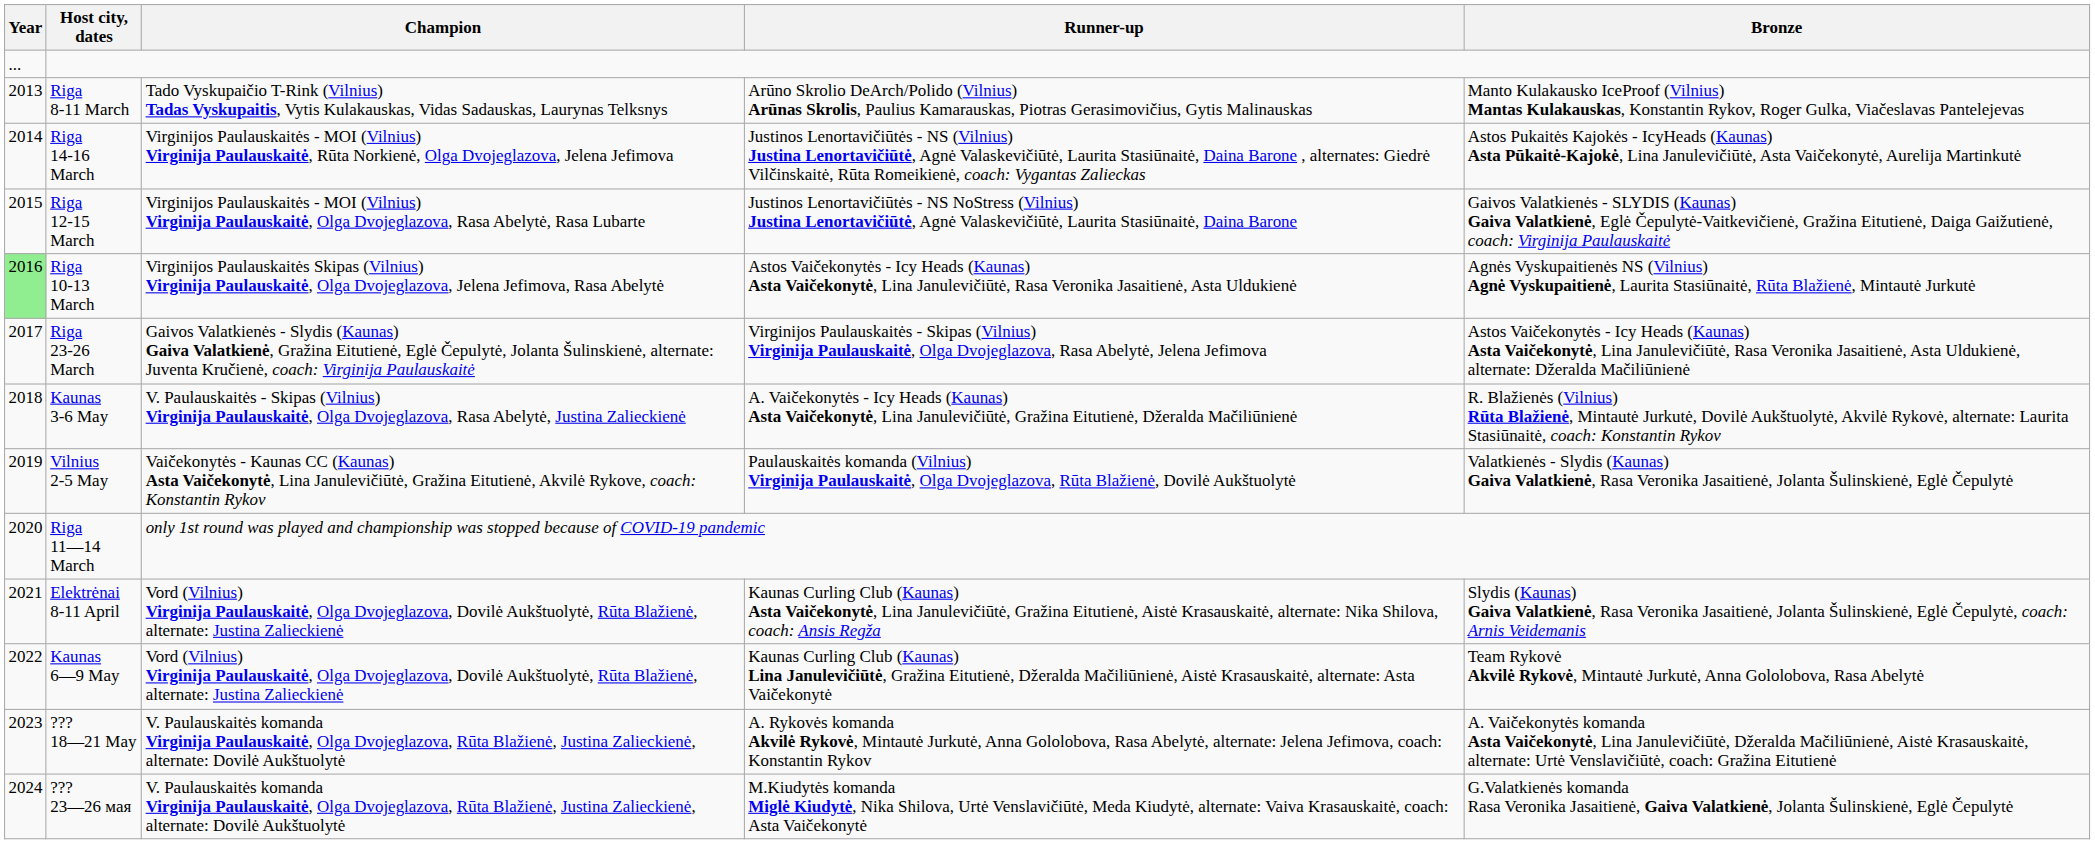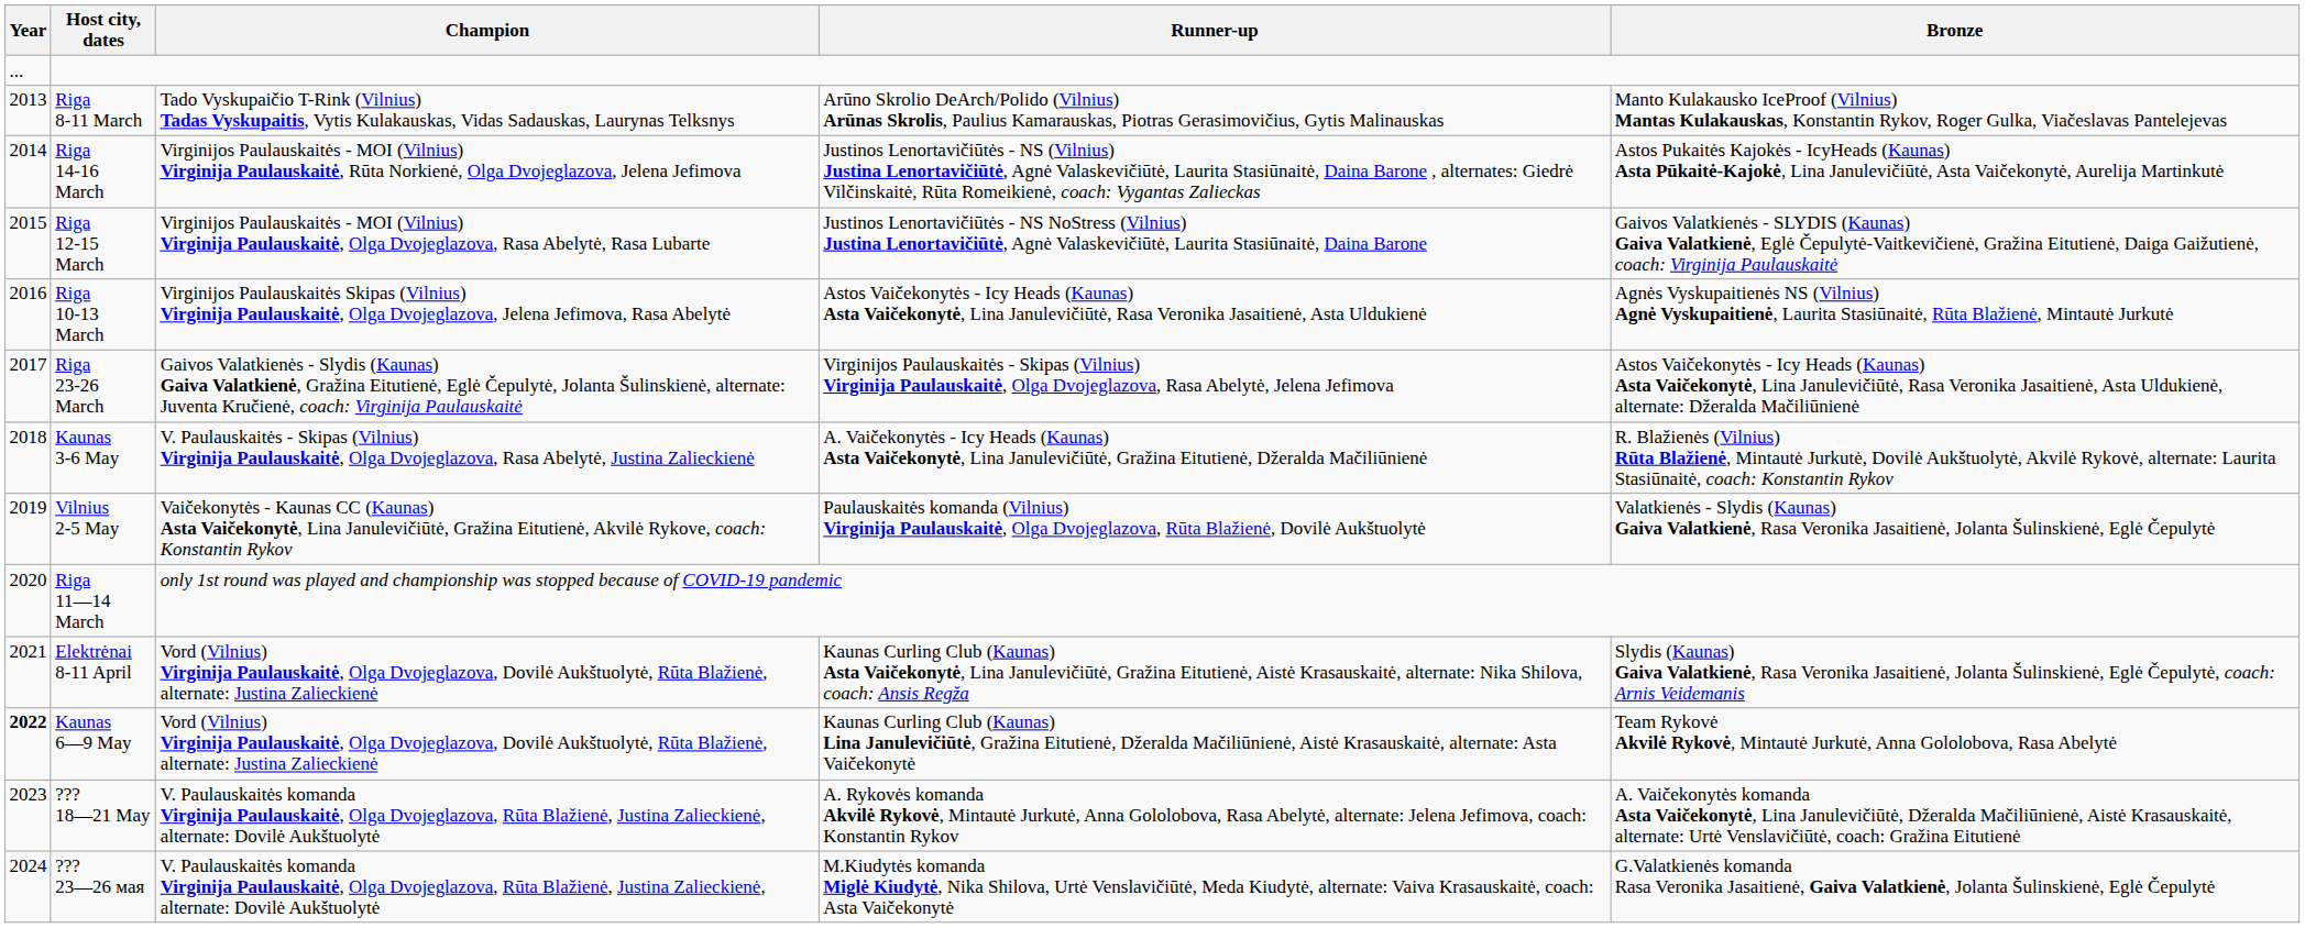 <table class="wikitable">
 <tr>
 <th>Year</th>
 <th>Host city,<br>dates</th>
 <th>Champion</th>
 <th>Runner-up</th>
 <th>Bronze</th>
 </tr>
 <tr valign="top">
 <td>...</td>
 </tr>
 <tr valign="top">
 <td>2013</td>
 <td><a href='#'>Riga</a><br>8-11 March</td>
 <td>Tado Vyskupaičio T-Rink (<a href='#'>Vilnius</a>)<br><strong><a href='#'>Tadas Vyskupaitis</a></strong>, Vytis Kulakauskas, Vidas Sadauskas, Laurynas Telksnys</td>
 <td>Arūno Skrolio DeArch/Polido (<a href='#'>Vilnius</a>)<br><strong>Arūnas Skrolis</strong>, Paulius Kamarauskas, Piotras Gerasimovičius, Gytis Malinauskas</td>
 <td>Manto Kulakausko IceProof (<a href='#'>Vilnius</a>)<br><strong>Mantas Kulakauskas</strong>, Konstantin Rykov, Roger Gulka, Viačeslavas Pantelejevas</td>
 </tr>
 <tr valign="top">
 <td>2014</td>
 <td><a href='#'>Riga</a><br>14-16 March</td>
 <td>Virginijos Paulauskaitės - MOI (<a href='#'>Vilnius</a>)<br><strong><a href='#'>Virginija Paulauskaitė</a></strong>, Rūta Norkienė, <a href='#'>Olga Dvojeglazova</a>, Jelena Jefimova</td>
 <td>Justinos Lenortavičiūtės - NS (<a href='#'>Vilnius</a>)<br><strong><a href='#'>Justina Lenortavičiūtė</a></strong>, Agnė Valaskevičiūtė, Laurita Stasiūnaitė, <a href='#'>Daina Barone</a> , alternates: Giedrė Vilčinskaitė, Rūta Romeikienė, <em>coach: Vygantas Zalieckas</em></td>
 <td>Astos Pukaitės Kajokės - IcyHeads (<a href='#'>Kaunas</a>)<br><strong>Asta Pūkaitė-Kajokė</strong>, Lina Janulevičiūtė, Asta Vaičekonytė, Aurelija Martinkutė</td>
 </tr>
 <tr valign="top">
 <td>2015</td>
 <td><a href='#'>Riga</a><br>12-15 March</td>
 <td>Virginijos Paulauskaitės - MOI (<a href='#'>Vilnius</a>)<br><strong><a href='#'>Virginija Paulauskaitė</a></strong>, <a href='#'>Olga Dvojeglazova</a>, Rasa Abelytė, Rasa Lubarte</td>
 <td>Justinos Lenortavičiūtės - NS NoStress (<a href='#'>Vilnius</a>)<br><strong><a href='#'>Justina Lenortavičiūtė</a></strong>, Agnė Valaskevičiūtė, Laurita Stasiūnaitė, <a href='#'>Daina Barone</a> </td>
 <td>Gaivos Valatkienės - SLYDIS (<a href='#'>Kaunas</a>)<br><strong>Gaiva Valatkienė</strong>, Eglė Čepulytė-Vaitkevičienė, Gražina Eitutienė, Daiga Gaižutienė, <em>coach: <a href='#'>Virginija Paulauskaitė</a></em></td>
 </tr>
 <tr valign="top">
-<td style="background: lightgreen;">2016</td>
+<td>2016</td>
 <td><a href='#'>Riga</a><br>10-13 March</td>
 <td>Virginijos Paulauskaitės Skipas (<a href='#'>Vilnius</a>)<br><strong><a href='#'>Virginija Paulauskaitė</a></strong>, <a href='#'>Olga Dvojeglazova</a>, Jelena Jefimova, Rasa Abelytė</td>
 <td>Astos Vaičekonytės - Icy Heads (<a href='#'>Kaunas</a>)<br><strong>Asta Vaičekonytė</strong>, Lina Janulevičiūtė, Rasa Veronika Jasaitienė, Asta Uldukienė</td>
 <td>Agnės Vyskupaitienės NS (<a href='#'>Vilnius</a>)<br><strong>Agnė Vyskupaitienė</strong>, Laurita Stasiūnaitė, <a href='#'>Rūta Blažienė</a>, Mintautė Jurkutė</td>
 </tr>
 <tr valign="top">
 <td>2017</td>
 <td><a href='#'>Riga</a><br>23-26 March</td>
 <td>Gaivos Valatkienės - Slydis (<a href='#'>Kaunas</a>)<br><strong>Gaiva Valatkienė</strong>, Gražina Eitutienė, Eglė Čepulytė, Jolanta Šulinskienė, alternate: Juventa Kručienė, <em>coach: <a href='#'>Virginija Paulauskaitė</a></em></td>
 <td>Virginijos Paulauskaitės - Skipas (<a href='#'>Vilnius</a>)<br><strong><a href='#'>Virginija Paulauskaitė</a></strong>, <a href='#'>Olga Dvojeglazova</a>, Rasa Abelytė, Jelena Jefimova</td>
 <td>Astos Vaičekonytės - Icy Heads (<a href='#'>Kaunas</a>)<br><strong>Asta Vaičekonytė</strong>, Lina Janulevičiūtė, Rasa Veronika Jasaitienė, Asta Uldukienė, alternate: Džeralda Mačiliūnienė</td>
 </tr>
 <tr valign="top">
 <td>2018</td>
 <td><a href='#'>Kaunas</a><br>3-6 May</td>
 <td>V. Paulauskaitės - Skipas (<a href='#'>Vilnius</a>)<br><strong><a href='#'>Virginija Paulauskaitė</a></strong>, <a href='#'>Olga Dvojeglazova</a>, Rasa Abelytė, <a href='#'>Justina Zalieckienė</a></td>
 <td>A. Vaičekonytės - Icy Heads (<a href='#'>Kaunas</a>)<br><strong>Asta Vaičekonytė</strong>, Lina Janulevičiūtė, Gražina Eitutienė, Džeralda Mačiliūnienė</td>
 <td>R. Blažienės (<a href='#'>Vilnius</a>)<br><strong><a href='#'>Rūta Blažienė</a></strong>, Mintautė Jurkutė, Dovilė Aukštuolytė, Akvilė Rykovė, alternate: Laurita Stasiūnaitė, <em>coach: Konstantin Rykov</em></td>
 </tr>
 <tr valign="top">
 <td>2019</td>
 <td><a href='#'>Vilnius</a><br>2-5 May</td>
 <td>Vaičekonytės - Kaunas CC (<a href='#'>Kaunas</a>)<br><strong>Asta Vaičekonytė</strong>, Lina Janulevičiūtė, Gražina Eitutienė, Akvilė Rykove, <em>coach: Konstantin Rykov</em></td>
 <td>Paulauskaitės komanda (<a href='#'>Vilnius</a>)<br><strong><a href='#'>Virginija Paulauskaitė</a></strong>, <a href='#'>Olga Dvojeglazova</a>, <a href='#'>Rūta Blažienė</a>, Dovilė Aukštuolytė</td>
 <td>Valatkienės - Slydis (<a href='#'>Kaunas</a>)<br><strong>Gaiva Valatkienė</strong>, Rasa Veronika Jasaitienė, Jolanta Šulinskienė, Eglė Čepulytė</td>
 </tr>
 <tr valign="top">
 <td>2020</td>
 <td><a href='#'>Riga</a><br>11—14 March</td>
 <td colspan=3><em>only 1st round was played and championship was stopped because of <a href='#'>COVID-19 pandemic</a></em></td>
 </tr>
 <tr valign="top">
 <td>2021</td>
 <td><a href='#'>Elektrėnai</a><br>8-11 April</td>
 <td>Vord (<a href='#'>Vilnius</a>)<br><strong><a href='#'>Virginija Paulauskaitė</a></strong>, <a href='#'>Olga Dvojeglazova</a>, Dovilė Aukštuolytė, <a href='#'>Rūta Blažienė</a>, alternate: <a href='#'>Justina Zalieckienė</a></td>
 <td>Kaunas Curling Club (<a href='#'>Kaunas</a>)<br><strong>Asta Vaičekonytė</strong>, Lina Janulevičiūtė, Gražina Eitutienė, Aistė Krasauskaitė, alternate: Nika Shilova, <em>coach: <a href='#'>Ansis Regža</a></em></td>
 <td>Slydis (<a href='#'>Kaunas</a>)<br><strong>Gaiva Valatkienė</strong>, Rasa Veronika Jasaitienė, Jolanta Šulinskienė, Eglė Čepulytė, <em>coach: <a href='#'>Arnis Veidemanis</a></em></td>
 </tr>
 <tr valign="top">
-<td>2022</td>
+<td><strong>2022</strong></td>
 <td><a href='#'>Kaunas</a><br>6—9 May</td>
 <td>Vord (<a href='#'>Vilnius</a>)<br><strong><a href='#'>Virginija Paulauskaitė</a></strong>, <a href='#'>Olga Dvojeglazova</a>, Dovilė Aukštuolytė, <a href='#'>Rūta Blažienė</a>, alternate: <a href='#'>Justina Zalieckienė</a></td>
 <td>Kaunas Curling Club (<a href='#'>Kaunas</a>)<br><strong>Lina Janulevičiūtė</strong>, Gražina Eitutienė, Džeralda Mačiliūnienė, Aistė Krasauskaitė, alternate: Asta Vaičekonytė</td>
 <td>Team Rykovė<br><strong>Akvilė Rykovė</strong>, Mintautė Jurkutė, Anna Gololobova, Rasa Abelytė</td>
 </tr>
 <tr valign="top">
 <td>2023</td>
 <td>???<br>18—21 May</td>
 <td>V. Paulauskaitės komanda<br><strong><a href='#'>Virginija Paulauskaitė</a></strong>, <a href='#'>Olga Dvojeglazova</a>, <a href='#'>Rūta Blažienė</a>, <a href='#'>Justina Zalieckienė</a>, alternate: Dovilė Aukštuolytė</td>
 <td>A. Rykovės komanda<br><strong>Akvilė Rykovė</strong>, Mintautė Jurkutė, Anna Gololobova, Rasa Abelytė, alternate: Jelena Jefimova, coach: Konstantin Rykov</td>
 <td>A. Vaičekonytės komanda<br><strong>Asta Vaičekonytė</strong>, Lina Janulevičiūtė, Džeralda Mačiliūnienė, Aistė Krasauskaitė, alternate: Urtė Venslavičiūtė, coach: Gražina Eitutienė</td>
 </tr>
 <tr valign="top">
 <td>2024</td>
 <td>???<br>23—26 мая</td>
 <td>V. Paulauskaitės komanda<br><strong><a href='#'>Virginija Paulauskaitė</a></strong>, <a href='#'>Olga Dvojeglazova</a>, <a href='#'>Rūta Blažienė</a>, <a href='#'>Justina Zalieckienė</a>, alternate: Dovilė Aukštuolytė</td>
 <td>M.Kiudytės komanda<br><strong><a href='#'>Miglė Kiudytė</a></strong>, Nika Shilova, Urtė Venslavičiūtė, Meda Kiudytė, alternate: Vaiva Krasauskaitė, coach: Asta Vaičekonytė</td>
 <td>G.Valatkienės komanda<br>Rasa Veronika Jasaitienė, <strong>Gaiva Valatkienė</strong>, Jolanta Šulinskienė, Eglė Čepulytė<br></td>
 </tr>
 </table>
